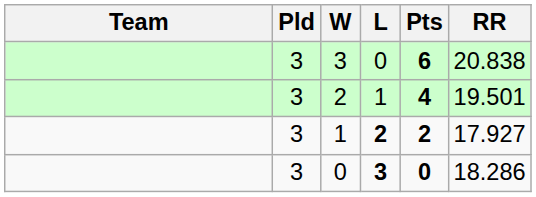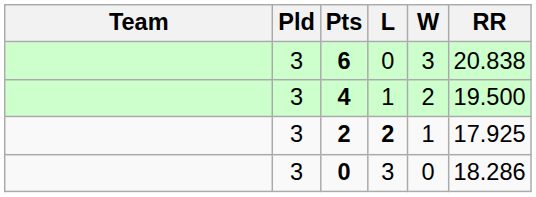 <table class="wikitable" border="1" style="text-align:center;">
 <tr>
 <th width=175>Team</th>
 <th width=20 abbr="Played">Pld</th>
+<th width=20 abbr="Points">Pts</th>
+<th width=20 abbr="Lost">L</th>
 <th width=20 abbr="Won">W</th>
-<th width=20 abbr="Lost">L</th>
-<th width=20 abbr="Points">Pts</th>
 <th width=20 abbr="Run rate">RR</th>
 </tr>
 <tr style="background:#ccffcc;">
 <td style="text-align:left;"></td>
 <td>3</td>
+<td><strong>6</strong></td>
+<td>0</td>
 <td>3</td>
-<td>0</td>
-<td><strong>6</strong></td>
 <td>20.838</td>
 </tr>
 <tr style="background:#ccffcc;">
 <td style="text-align:left;"></td>
 <td>3</td>
+<td><strong>4</strong></td>
+<td>1</td>
 <td>2</td>
-<td>1</td>
-<td><strong>4</strong></td>
-<td>19.501</td>
+<td>19.500</td>
 </tr>
 <tr style="background:#f9f9f9;">
 <td style="text-align:left;"></td>
 <td>3</td>
-<td>1</td>
 <td><strong>2</strong></td>
 <td><strong>2</strong></td>
-<td>17.927</td>
+<td>1</td>
+<td>17.925</td>
 </tr>
 <tr style="background:#f9f9f9;">
 <td style="text-align:left;"></td>
 <td>3</td>
+<td><strong>0</strong></td>
+<td>3</td>
 <td>0</td>
-<td><strong>3</strong></td>
-<td><strong>0</strong></td>
 <td>18.286</td>
 </tr>
 </table>
